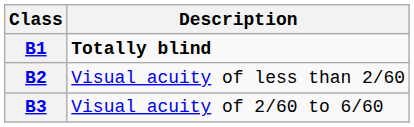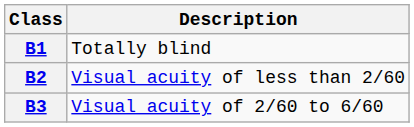 <table class="wikitable">
 <tr>
 <th>Class</th>
 <th>Description</th>
 </tr>
 <tr>
 <th><a href='#'>B1</a></th>
-<td><strong>Totally blind</strong></td>
+<td>Totally blind</td>
 </tr>
 <tr>
 <th><a href='#'>B2</a></th>
 <td><a href='#'>Visual acuity</a> of less than 2/60</td>
 </tr>
 <tr>
 <th><a href='#'>B3</a></th>
 <td><a href='#'>Visual acuity</a> of 2/60 to 6/60</td>
 </tr>
 </table>
